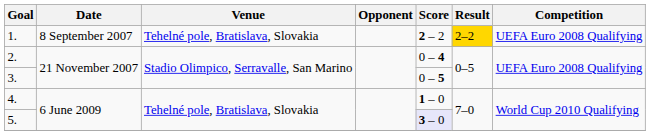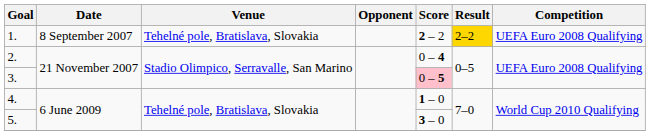 <table class="wikitable" style="font-size:95%;">
 <tr>
 <th>Goal</th>
 <th>Date</th>
 <th>Venue</th>
 <th>Opponent</th>
 <th>Score</th>
 <th>Result</th>
 <th>Competition</th>
 </tr>
 <tr>
 <td>1.</td>
 <td>8 September 2007</td>
 <td><a href='#'>Tehelné pole</a>, <a href='#'>Bratislava</a>, Slovakia</td>
 <td></td>
 <td><strong>2</strong> – 2</td>
 <td style="background: gold;">2–2</td>
 <td><a href='#'>UEFA Euro 2008 Qualifying</a></td>
 </tr>
 <tr>
 <td>2.</td>
 <td rowspan=2>21 November 2007</td>
 <td rowspan=2><a href='#'>Stadio Olimpico</a>, <a href='#'>Serravalle</a>, San Marino</td>
 <td rowspan=2></td>
 <td>0 – <strong>4</strong></td>
 <td rowspan=2>0–5</td>
 <td rowspan=2><a href='#'>UEFA Euro 2008 Qualifying</a></td>
 </tr>
 <tr>
 <td>3.</td>
-<td>0 – <strong>5</strong></td>
+<td style="background: pink;">0 – <strong>5</strong></td>
 </tr>
 <tr>
 <td>4.</td>
 <td rowspan=2>6 June 2009</td>
 <td rowspan=2><a href='#'>Tehelné pole</a>, <a href='#'>Bratislava</a>, Slovakia</td>
 <td rowspan=2></td>
 <td><strong>1</strong> – 0</td>
 <td rowspan=2>7–0</td>
 <td rowspan=2><a href='#'>World Cup 2010 Qualifying</a></td>
 </tr>
 <tr>
 <td>5.</td>
-<td style="background: lavender;"><strong>3</strong> – 0</td>
+<td><strong>3</strong> – 0</td>
 </tr>
 <tr>
 </tr>
 </table>
